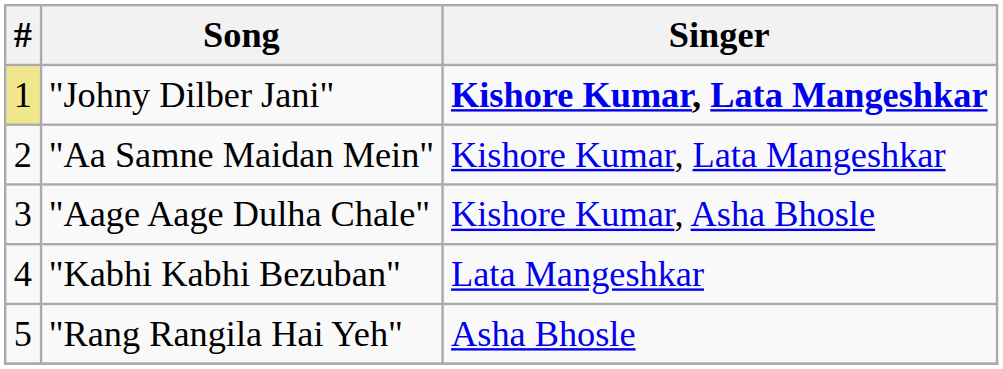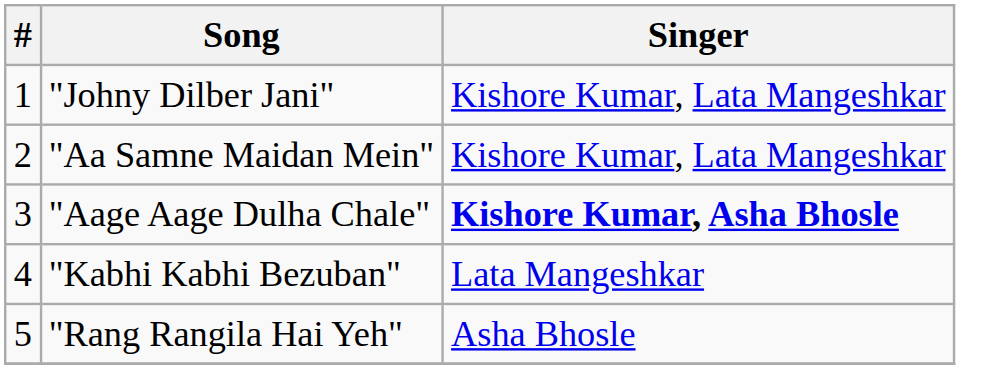 <table class="wikitable" style="font-size:95%;">
 <tr>
 <th>#</th>
 <th>Song</th>
 <th>Singer</th>
 </tr>
 <tr>
-<td style="background: khaki;">1</td>
+<td>1</td>
 <td>"Johny Dilber Jani"</td>
-<td><strong><a href='#'>Kishore Kumar</a>, <a href='#'>Lata Mangeshkar</a></strong></td>
+<td><a href='#'>Kishore Kumar</a>, <a href='#'>Lata Mangeshkar</a></td>
 </tr>
 <tr>
 <td>2</td>
 <td>"Aa Samne Maidan Mein"</td>
 <td><a href='#'>Kishore Kumar</a>, <a href='#'>Lata Mangeshkar</a></td>
 </tr>
 <tr>
 <td>3</td>
 <td>"Aage Aage Dulha Chale"</td>
-<td><a href='#'>Kishore Kumar</a>, <a href='#'>Asha Bhosle</a></td>
+<td><strong><a href='#'>Kishore Kumar</a>, <a href='#'>Asha Bhosle</a></strong></td>
 </tr>
 <tr>
 <td>4</td>
 <td>"Kabhi Kabhi Bezuban"</td>
 <td><a href='#'>Lata Mangeshkar</a></td>
 </tr>
 <tr>
 <td>5</td>
 <td>"Rang Rangila Hai Yeh"</td>
 <td><a href='#'>Asha Bhosle</a></td>
 </tr>
 <tr>
 </tr>
 </table>
